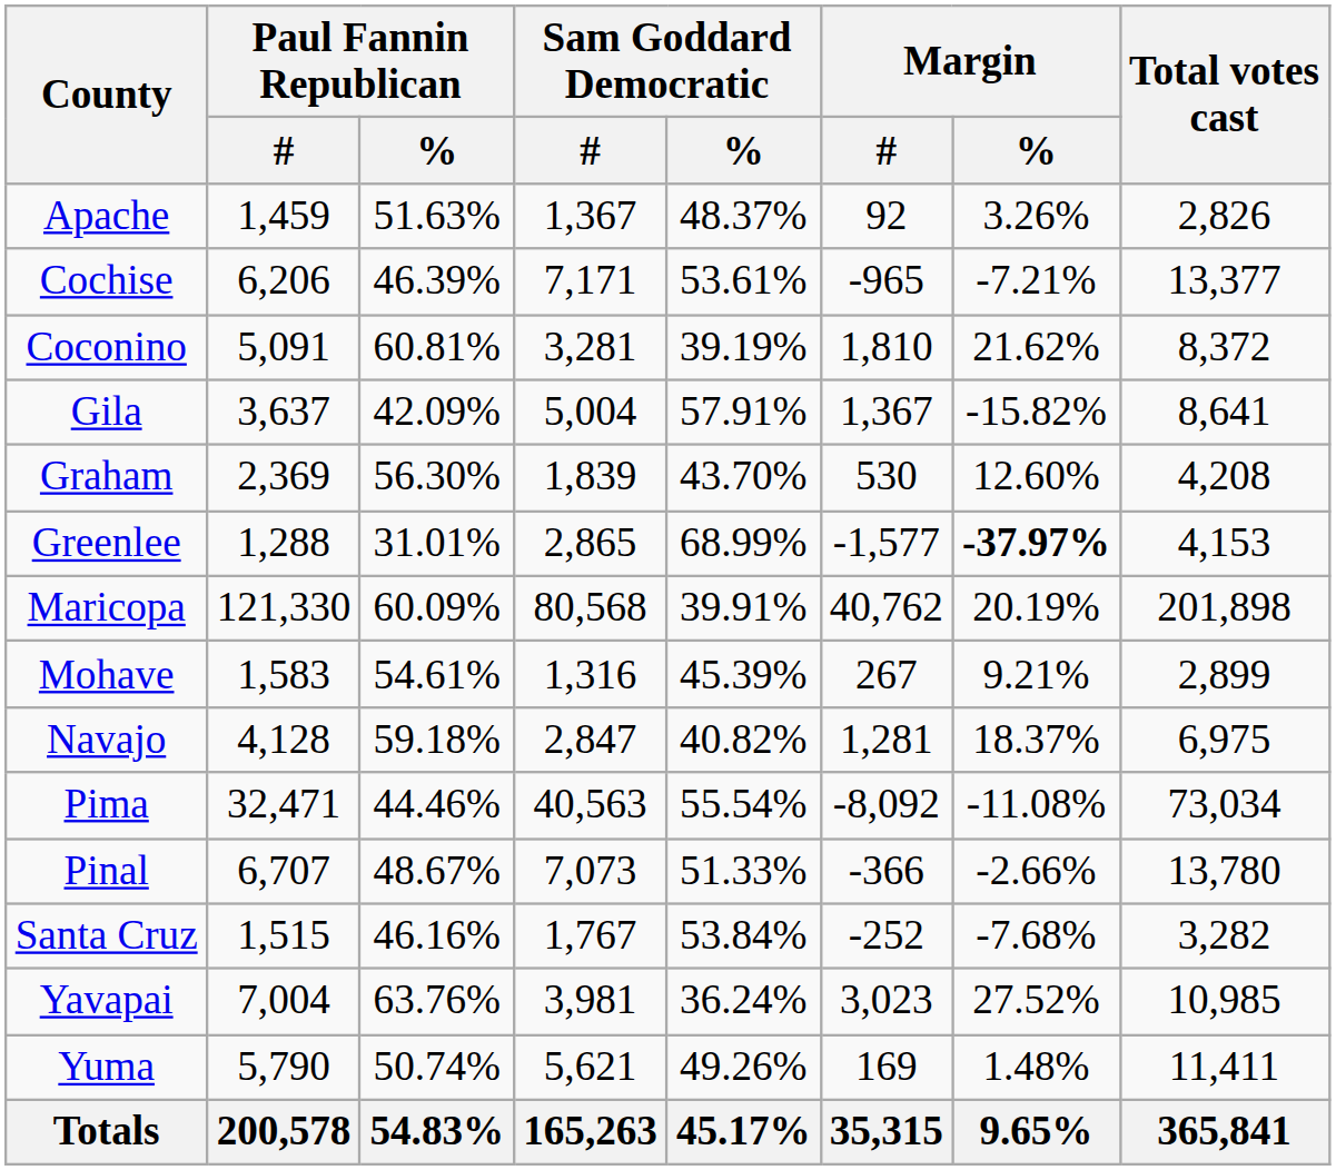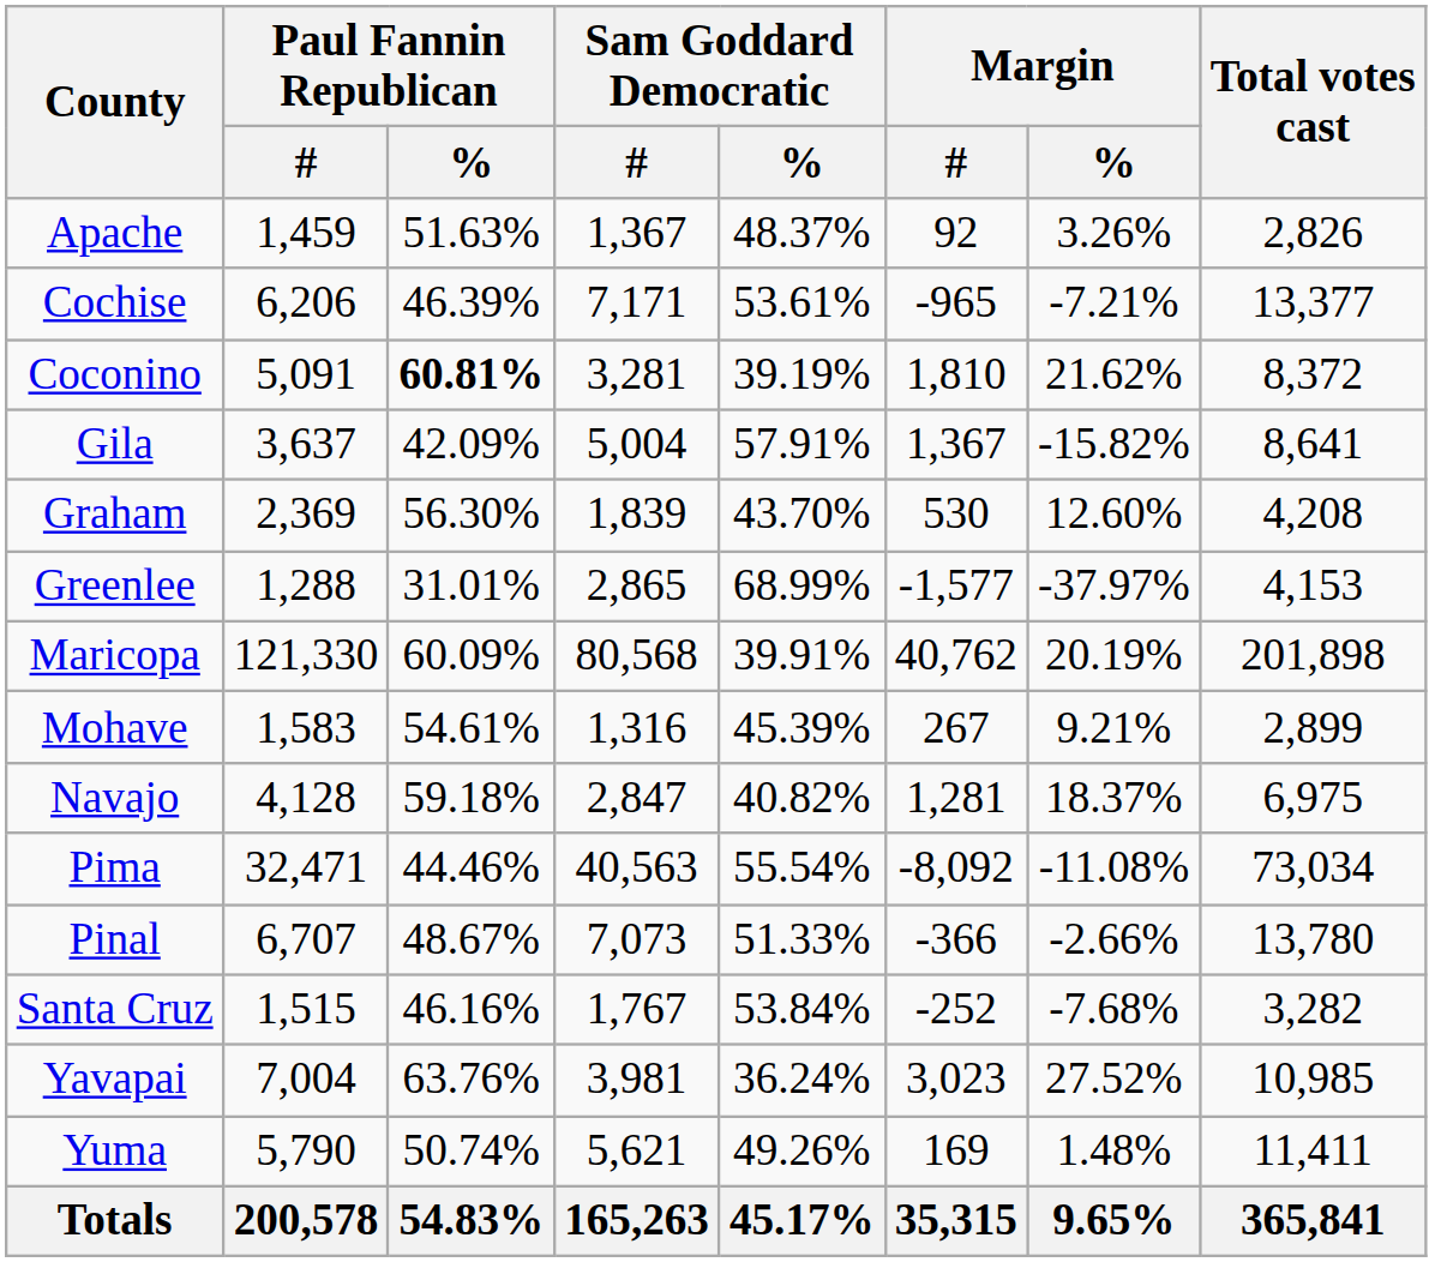 <table class="wikitable sortable" style="text-align:center">
 <tr>
 <th rowspan="2">County</th>
 <th style="text-align:center;" colspan="2">Paul Fannin<br>Republican</th>
 <th style="text-align:center;" colspan="2">Sam Goddard<br>Democratic</th>
 <th style="text-align:center;" colspan="2">Margin</th>
 <th style="text-align:center;" rowspan="2">Total votes<br>cast</th>
 </tr>
 <tr>
 <th style="text-align:center;" data-sort-type="number">#</th>
 <th style="text-align:center;" data-sort-type="number">%</th>
 <th style="text-align:center;" data-sort-type="number">#</th>
 <th style="text-align:center;" data-sort-type="number">%</th>
 <th style="text-align:center;" data-sort-type="number">#</th>
 <th style="text-align:center;" data-sort-type="number">%</th>
 </tr>
 <tr style="text-align:center;">
 <td><a href='#'>Apache</a></td>
 <td>1,459</td>
 <td>51.63%</td>
 <td>1,367</td>
 <td>48.37%</td>
 <td>92</td>
 <td>3.26%</td>
 <td>2,826</td>
 </tr>
 <tr style="text-align:center;">
 <td><a href='#'>Cochise</a></td>
 <td>6,206</td>
 <td>46.39%</td>
 <td>7,171</td>
 <td>53.61%</td>
 <td>-965</td>
 <td>-7.21%</td>
 <td>13,377</td>
 </tr>
 <tr style="text-align:center;">
 <td><a href='#'>Coconino</a></td>
 <td>5,091</td>
-<td>60.81%</td>
+<td><strong>60.81%</strong></td>
 <td>3,281</td>
 <td>39.19%</td>
 <td>1,810</td>
 <td>21.62%</td>
 <td>8,372</td>
 </tr>
 <tr style="text-align:center;">
 <td><a href='#'>Gila</a></td>
 <td>3,637</td>
 <td>42.09%</td>
 <td>5,004</td>
 <td>57.91%</td>
 <td>1,367</td>
 <td>-15.82%</td>
 <td>8,641</td>
 </tr>
 <tr style="text-align:center;">
 <td><a href='#'>Graham</a></td>
 <td>2,369</td>
 <td>56.30%</td>
 <td>1,839</td>
 <td>43.70%</td>
 <td>530</td>
 <td>12.60%</td>
 <td>4,208</td>
 </tr>
 <tr style="text-align:center;">
 <td><a href='#'>Greenlee</a></td>
 <td>1,288</td>
 <td>31.01%</td>
 <td>2,865</td>
 <td>68.99%</td>
 <td>-1,577</td>
-<td><strong>-37.97%</strong></td>
+<td>-37.97%</td>
 <td>4,153</td>
 </tr>
 <tr style="text-align:center;">
 <td><a href='#'>Maricopa</a></td>
 <td>121,330</td>
 <td>60.09%</td>
 <td>80,568</td>
 <td>39.91%</td>
 <td>40,762</td>
 <td>20.19%</td>
 <td>201,898</td>
 </tr>
 <tr style="text-align:center;">
 <td><a href='#'>Mohave</a></td>
 <td>1,583</td>
 <td>54.61%</td>
 <td>1,316</td>
 <td>45.39%</td>
 <td>267</td>
 <td>9.21%</td>
 <td>2,899</td>
 </tr>
 <tr style="text-align:center;">
 <td><a href='#'>Navajo</a></td>
 <td>4,128</td>
 <td>59.18%</td>
 <td>2,847</td>
 <td>40.82%</td>
 <td>1,281</td>
 <td>18.37%</td>
 <td>6,975</td>
 </tr>
 <tr style="text-align:center;">
 <td><a href='#'>Pima</a></td>
 <td>32,471</td>
 <td>44.46%</td>
 <td>40,563</td>
 <td>55.54%</td>
 <td>-8,092</td>
 <td>-11.08%</td>
 <td>73,034</td>
 </tr>
 <tr style="text-align:center;">
 <td><a href='#'>Pinal</a></td>
 <td>6,707</td>
 <td>48.67%</td>
 <td>7,073</td>
 <td>51.33%</td>
 <td>-366</td>
 <td>-2.66%</td>
 <td>13,780</td>
 </tr>
 <tr style="text-align:center;">
 <td><a href='#'>Santa Cruz</a></td>
 <td>1,515</td>
 <td>46.16%</td>
 <td>1,767</td>
 <td>53.84%</td>
 <td>-252</td>
 <td>-7.68%</td>
 <td>3,282</td>
 </tr>
 <tr style="text-align:center;">
 <td><a href='#'>Yavapai</a></td>
 <td>7,004</td>
 <td>63.76%</td>
 <td>3,981</td>
 <td>36.24%</td>
 <td>3,023</td>
 <td>27.52%</td>
 <td>10,985</td>
 </tr>
 <tr style="text-align:center;">
 <td><a href='#'>Yuma</a></td>
 <td>5,790</td>
 <td>50.74%</td>
 <td>5,621</td>
 <td>49.26%</td>
 <td>169</td>
 <td>1.48%</td>
 <td>11,411</td>
 </tr>
 <tr style="text-align:center;">
 <th>Totals</th>
 <th>200,578</th>
 <th>54.83%</th>
 <th>165,263</th>
 <th>45.17%</th>
 <th>35,315</th>
 <th>9.65%</th>
 <th>365,841</th>
 </tr>
 </table>
